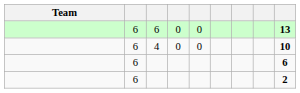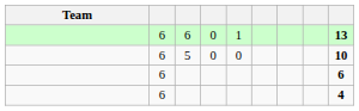 <table class="wikitable" style="text-align:center">
 <tr>
 <th width=175>Team</th>
 <th width=25></th>
 <th width=25></th>
 <th width=25></th>
 <th width=25></th>
 <th width=25></th>
 <th width=25></th>
 <th width=25></th>
 <th width=25></th>
 </tr>
 <tr align=center bgcolor=#ccffcc>
 <td align=left></td>
 <td>6</td>
 <td>6</td>
 <td>0</td>
-<td>0</td>
+<td>1</td>
 <td></td>
 <td></td>
 <td></td>
 <td><strong>13</strong></td>
 </tr>
 <tr>
 <td align=left></td>
 <td>6</td>
-<td>4</td>
+<td>5</td>
 <td>0</td>
 <td>0</td>
 <td></td>
 <td></td>
 <td></td>
 <td><strong>10</strong></td>
 </tr>
 <tr>
 <td align=left></td>
 <td>6</td>
 <td></td>
 <td></td>
 <td></td>
 <td></td>
 <td></td>
 <td></td>
 <td><strong>6</strong></td>
 </tr>
 <tr>
 <td align=left></td>
 <td>6</td>
 <td></td>
 <td></td>
 <td></td>
 <td></td>
 <td></td>
 <td></td>
-<td><strong>2</strong></td>
+<td><strong>4</strong></td>
 </tr>
 </table>
